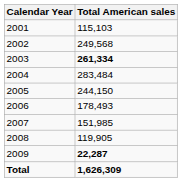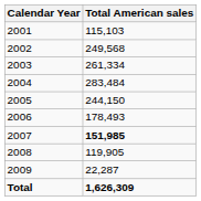 <table class="wikitable">
 <tr>
 <th>Calendar Year</th>
 <th>Total American sales</th>
 </tr>
 <tr>
 <td>2001</td>
 <td>115,103</td>
 </tr>
 <tr>
 <td>2002</td>
 <td>249,568</td>
 </tr>
 <tr>
 <td>2003</td>
-<td><strong>261,334</strong></td>
+<td>261,334</td>
 </tr>
 <tr>
 <td>2004</td>
 <td>283,484</td>
 </tr>
 <tr>
 <td>2005</td>
 <td>244,150</td>
 </tr>
 <tr>
 <td>2006</td>
 <td>178,493</td>
 </tr>
 <tr>
 <td>2007</td>
-<td>151,985</td>
+<td><strong>151,985</strong></td>
 </tr>
 <tr>
 <td>2008</td>
 <td>119,905</td>
 </tr>
 <tr>
 <td>2009</td>
-<td><strong>22,287</strong></td>
+<td>22,287</td>
 </tr>
 <tr>
 <td><strong>Total</strong></td>
 <td><strong>1,626,309</strong></td>
 </tr>
 </table>
